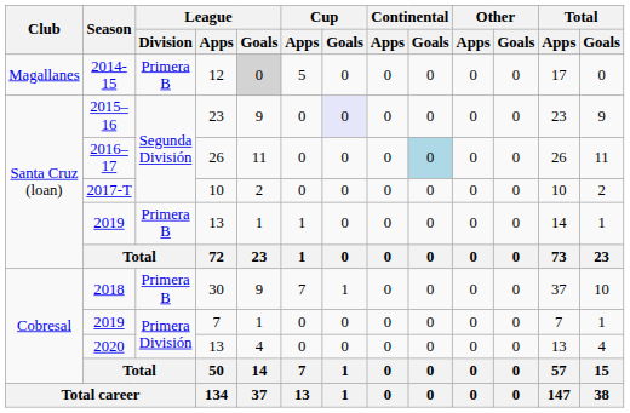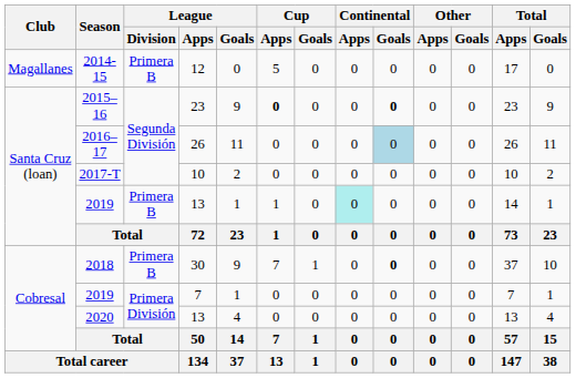 <table class="wikitable" style="text-align: center">
 <tr>
 <th rowspan="2">Club</th>
 <th rowspan="2">Season</th>
 <th colspan="3">League</th>
 <th colspan="2">Cup</th>
 <th colspan="2">Continental</th>
 <th colspan="2">Other</th>
 <th colspan="2">Total</th>
 </tr>
 <tr>
 <th>Division</th>
 <th>Apps</th>
 <th>Goals</th>
 <th>Apps</th>
 <th>Goals</th>
 <th>Apps</th>
 <th>Goals</th>
 <th>Apps</th>
 <th>Goals</th>
 <th>Apps</th>
 <th>Goals</th>
 </tr>
 <tr>
 <td><a href='#'>Magallanes</a></td>
 <td><a href='#'>2014-15</a></td>
 <td><a href='#'>Primera B</a></td>
 <td>12</td>
-<td style="background: lightgrey;">0</td>
+<td>0</td>
 <td>5</td>
 <td>0</td>
 <td>0</td>
 <td>0</td>
 <td>0</td>
 <td>0</td>
 <td>17</td>
 <td>0</td>
 </tr>
 <tr>
 <td rowspan="5"><a href='#'>Santa Cruz</a><br>(loan)</td>
 <td><a href='#'>2015–16</a></td>
 <td rowspan="3"><a href='#'>Segunda<br>División</a></td>
 <td>23</td>
 <td>9</td>
-<td>0</td>
-<td style="background: lavender;">0</td>
+<td><strong>0</strong></td>
 <td>0</td>
 <td>0</td>
+<td><strong>0</strong></td>
 <td>0</td>
 <td>0</td>
 <td>23</td>
 <td>9</td>
 </tr>
 <tr>
 <td><a href='#'>2016–17</a></td>
 <td>26</td>
 <td>11</td>
 <td>0</td>
 <td>0</td>
 <td>0</td>
 <td style="background: lightblue;">0</td>
 <td>0</td>
 <td>0</td>
 <td>26</td>
 <td>11</td>
 </tr>
 <tr>
 <td><a href='#'>2017-T</a></td>
 <td>10</td>
 <td>2</td>
 <td>0</td>
 <td>0</td>
 <td>0</td>
 <td>0</td>
 <td>0</td>
 <td>0</td>
 <td>10</td>
 <td>2</td>
 </tr>
 <tr>
 <td><a href='#'>2019</a></td>
 <td><a href='#'>Primera B</a></td>
 <td>13</td>
 <td>1</td>
 <td>1</td>
 <td>0</td>
-<td>0</td>
+<td style="background: paleturquoise;">0</td>
 <td>0</td>
 <td>0</td>
 <td>0</td>
 <td>14</td>
 <td>1</td>
 </tr>
 <tr>
 <th colspan="2"><strong>Total</strong></th>
 <th>72</th>
 <th>23</th>
 <th>1</th>
 <th>0</th>
 <th>0</th>
 <th>0</th>
 <th>0</th>
 <th>0</th>
 <th>73</th>
 <th>23</th>
 </tr>
 <tr>
 <td rowspan="4"><a href='#'>Cobresal</a></td>
 <td><a href='#'>2018</a></td>
 <td><a href='#'>Primera B</a></td>
 <td>30</td>
 <td>9</td>
 <td>7</td>
 <td>1</td>
 <td>0</td>
-<td>0</td>
+<td><strong>0</strong></td>
 <td>0</td>
 <td>0</td>
 <td>37</td>
 <td>10</td>
 </tr>
 <tr>
 <td><a href='#'>2019</a></td>
 <td rowspan="2"><a href='#'>Primera<br>División</a></td>
 <td>7</td>
 <td>1</td>
 <td>0</td>
 <td>0</td>
 <td>0</td>
 <td>0</td>
 <td>0</td>
 <td>0</td>
 <td>7</td>
 <td>1</td>
 </tr>
 <tr>
 <td><a href='#'>2020</a></td>
 <td>13</td>
 <td>4</td>
 <td>0</td>
 <td>0</td>
 <td>0</td>
 <td>0</td>
 <td>0</td>
 <td>0</td>
 <td>13</td>
 <td>4</td>
 </tr>
 <tr>
 <th colspan="2"><strong>Total</strong></th>
 <th>50</th>
 <th>14</th>
 <th>7</th>
 <th>1</th>
 <th>0</th>
 <th>0</th>
 <th>0</th>
 <th>0</th>
 <th>57</th>
 <th>15</th>
 </tr>
 <tr>
 <th colspan="3"><strong>Total career</strong></th>
 <th>134</th>
 <th>37</th>
 <th>13</th>
 <th>1</th>
 <th>0</th>
 <th>0</th>
 <th>0</th>
 <th>0</th>
 <th>147</th>
 <th>38</th>
 </tr>
 </table>
